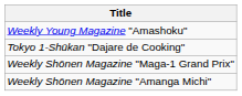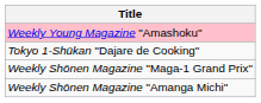 <table class="wikitable">
 <tr>
 <th>Title</th>
 </tr>
 <tr>
-<td><em><a href='#'>Weekly Young Magazine</a></em> "Amashoku"</td>
+<td style="background: pink;"><em><a href='#'>Weekly Young Magazine</a></em> "Amashoku"</td>
 </tr>
 <tr>
 <td><em>Tokyo 1-Shūkan</em> "Dajare de Cooking"</td>
 </tr>
 <tr>
 <td><em>Weekly Shōnen Magazine</em> "Maga-1 Grand Prix"</td>
 </tr>
 <tr>
 <td><em>Weekly Shōnen Magazine</em> "Amanga Michi"</td>
 </tr>
 </table>
